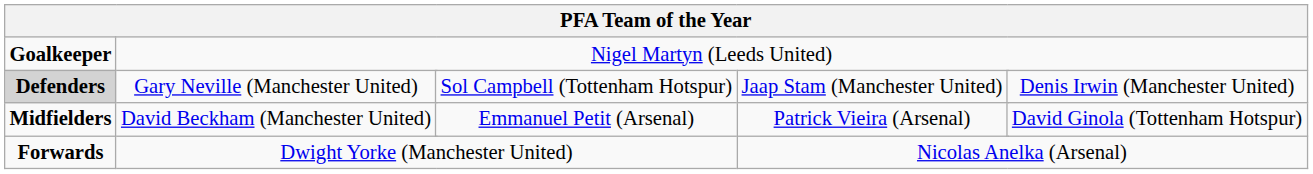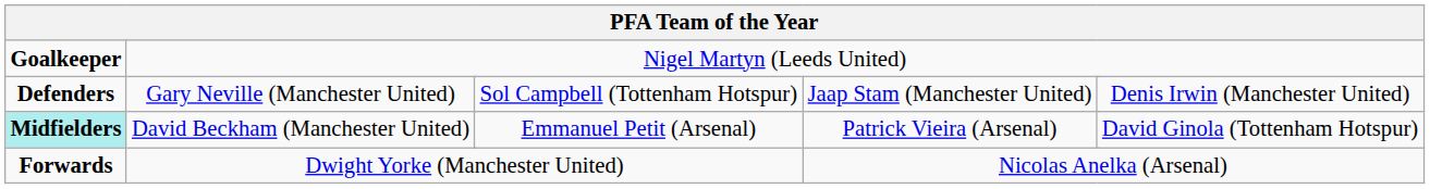 <table class="wikitable" style="text-align:center">
 <tr>
 <th colspan="13">PFA Team of the Year</th>
 </tr>
 <tr>
 <td><strong>Goalkeeper</strong></td>
 <td colspan="12"> <a href='#'>Nigel Martyn</a> (Leeds United)</td>
 </tr>
 <tr>
-<td style="background: lightgrey;"><strong>Defenders</strong></td>
+<td><strong>Defenders</strong></td>
 <td colspan="3"> <a href='#'>Gary Neville</a> (Manchester United)</td>
 <td colspan="3"> <a href='#'>Sol Campbell</a> (Tottenham Hotspur)</td>
 <td colspan="3"> <a href='#'>Jaap Stam</a> (Manchester United)</td>
 <td colspan="3"> <a href='#'>Denis Irwin</a> (Manchester United)</td>
 </tr>
 <tr>
-<td><strong>Midfielders</strong></td>
+<td style="background: paleturquoise;"><strong>Midfielders</strong></td>
 <td colspan="3"> <a href='#'>David Beckham</a> (Manchester United)</td>
 <td colspan="3"> <a href='#'>Emmanuel Petit</a> (Arsenal)</td>
 <td colspan="3"> <a href='#'>Patrick Vieira</a> (Arsenal)</td>
 <td colspan="3"> <a href='#'>David Ginola</a> (Tottenham Hotspur)</td>
 </tr>
 <tr>
 <td><strong>Forwards</strong></td>
 <td colspan="6"> <a href='#'>Dwight Yorke</a> (Manchester United)</td>
 <td colspan="6"> <a href='#'>Nicolas Anelka</a> (Arsenal)</td>
 </tr>
 </table>
